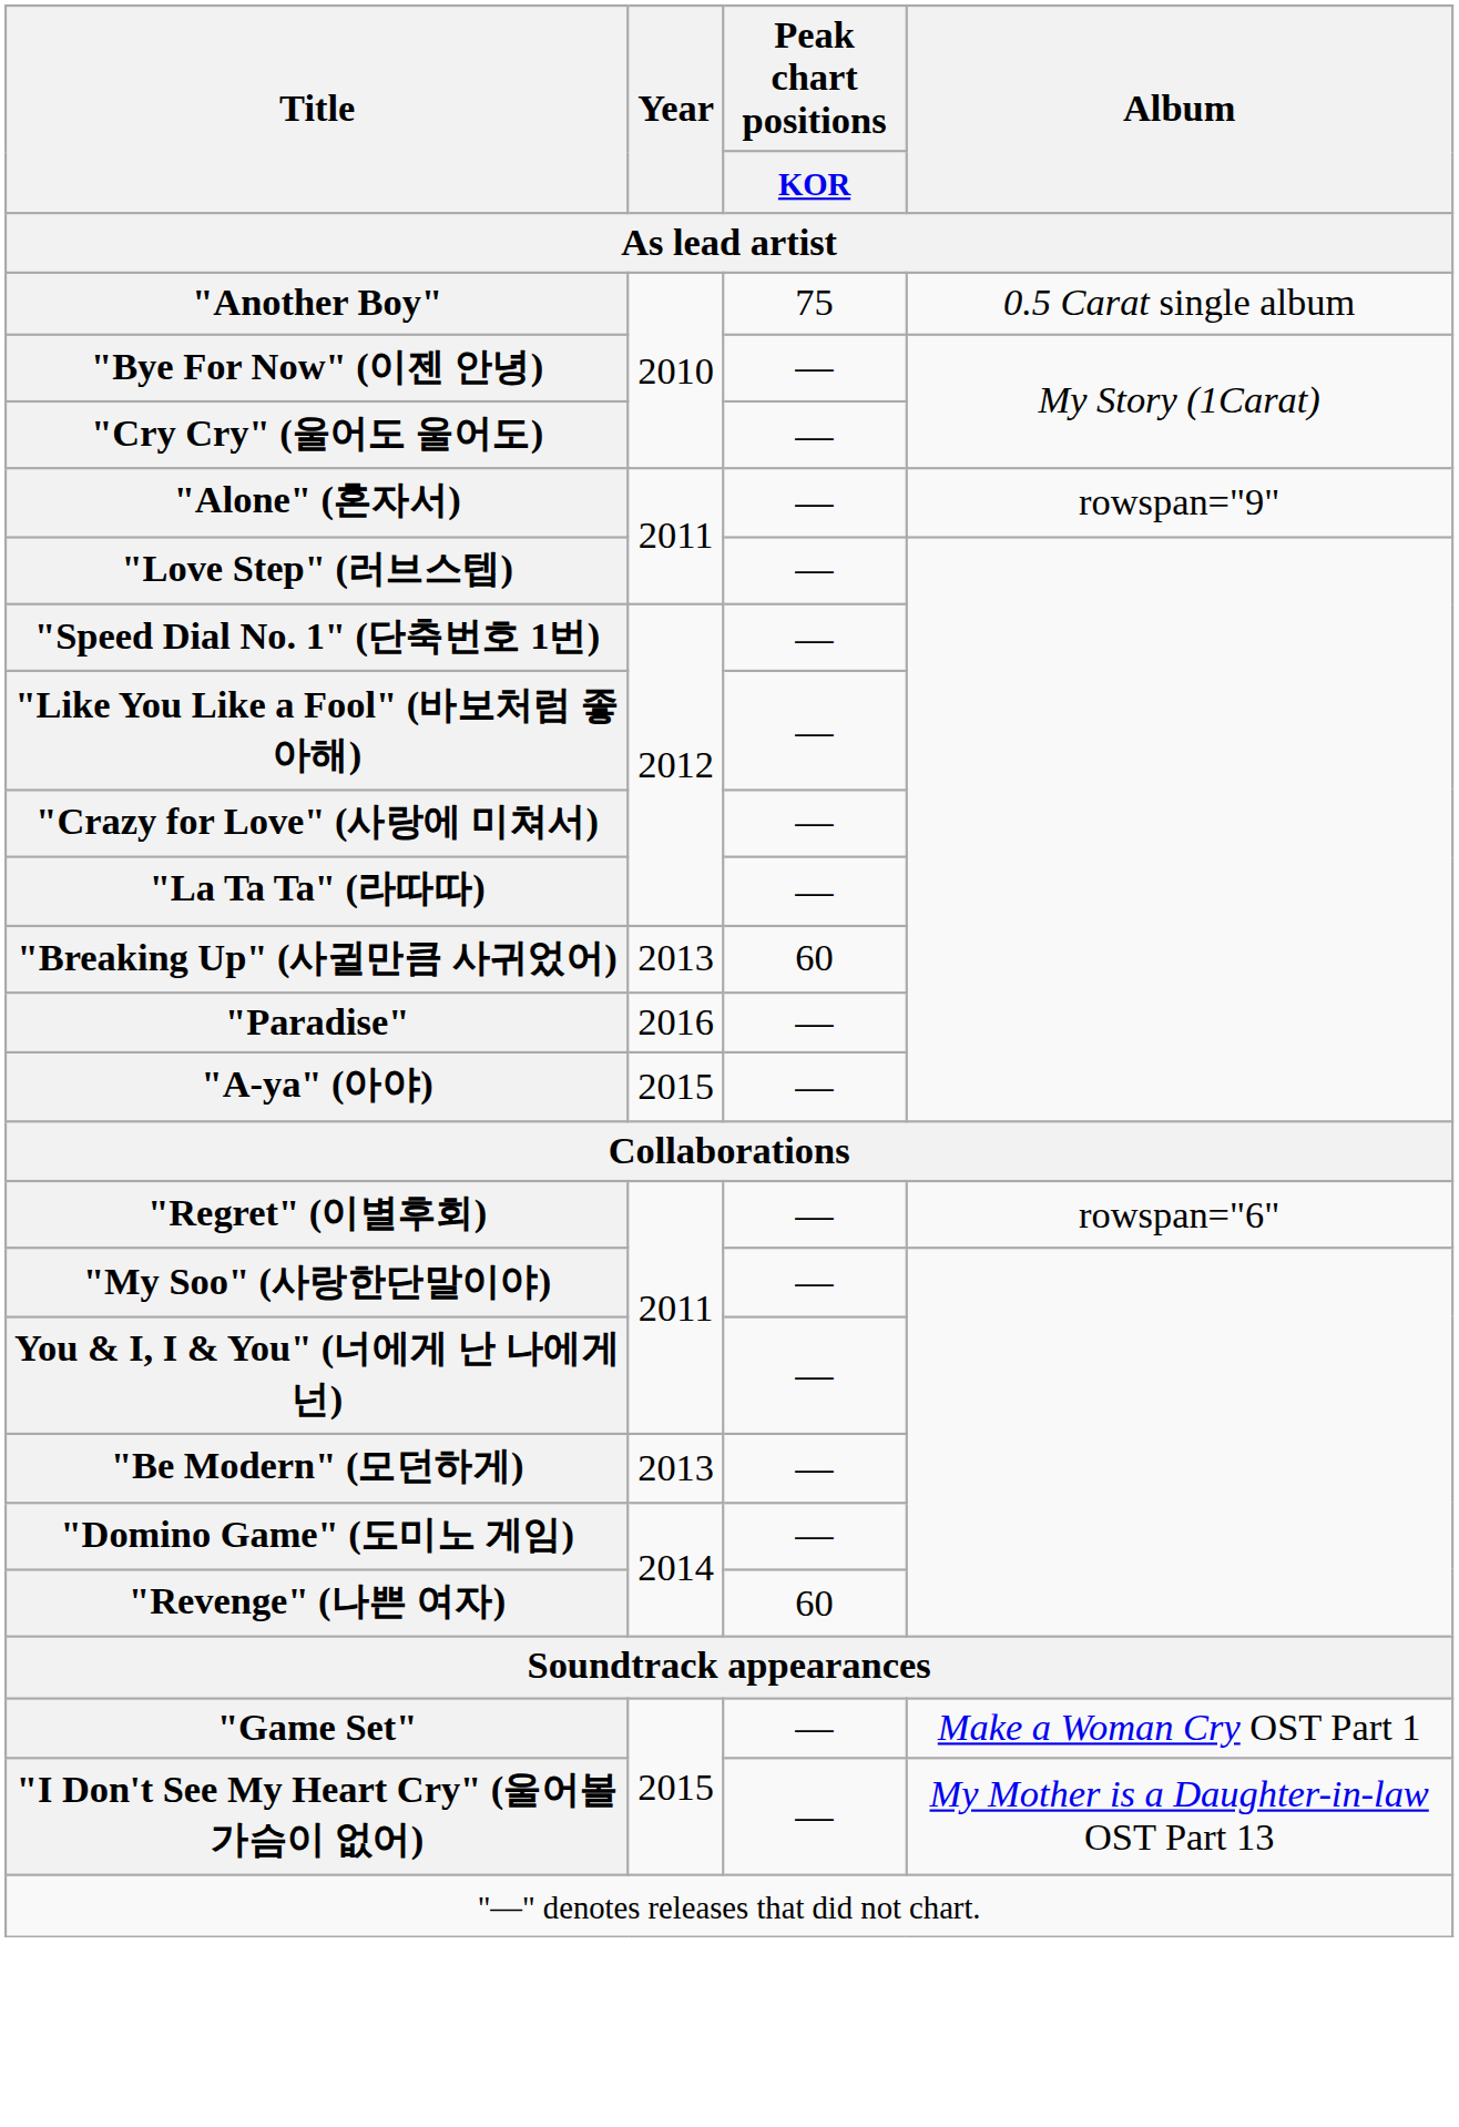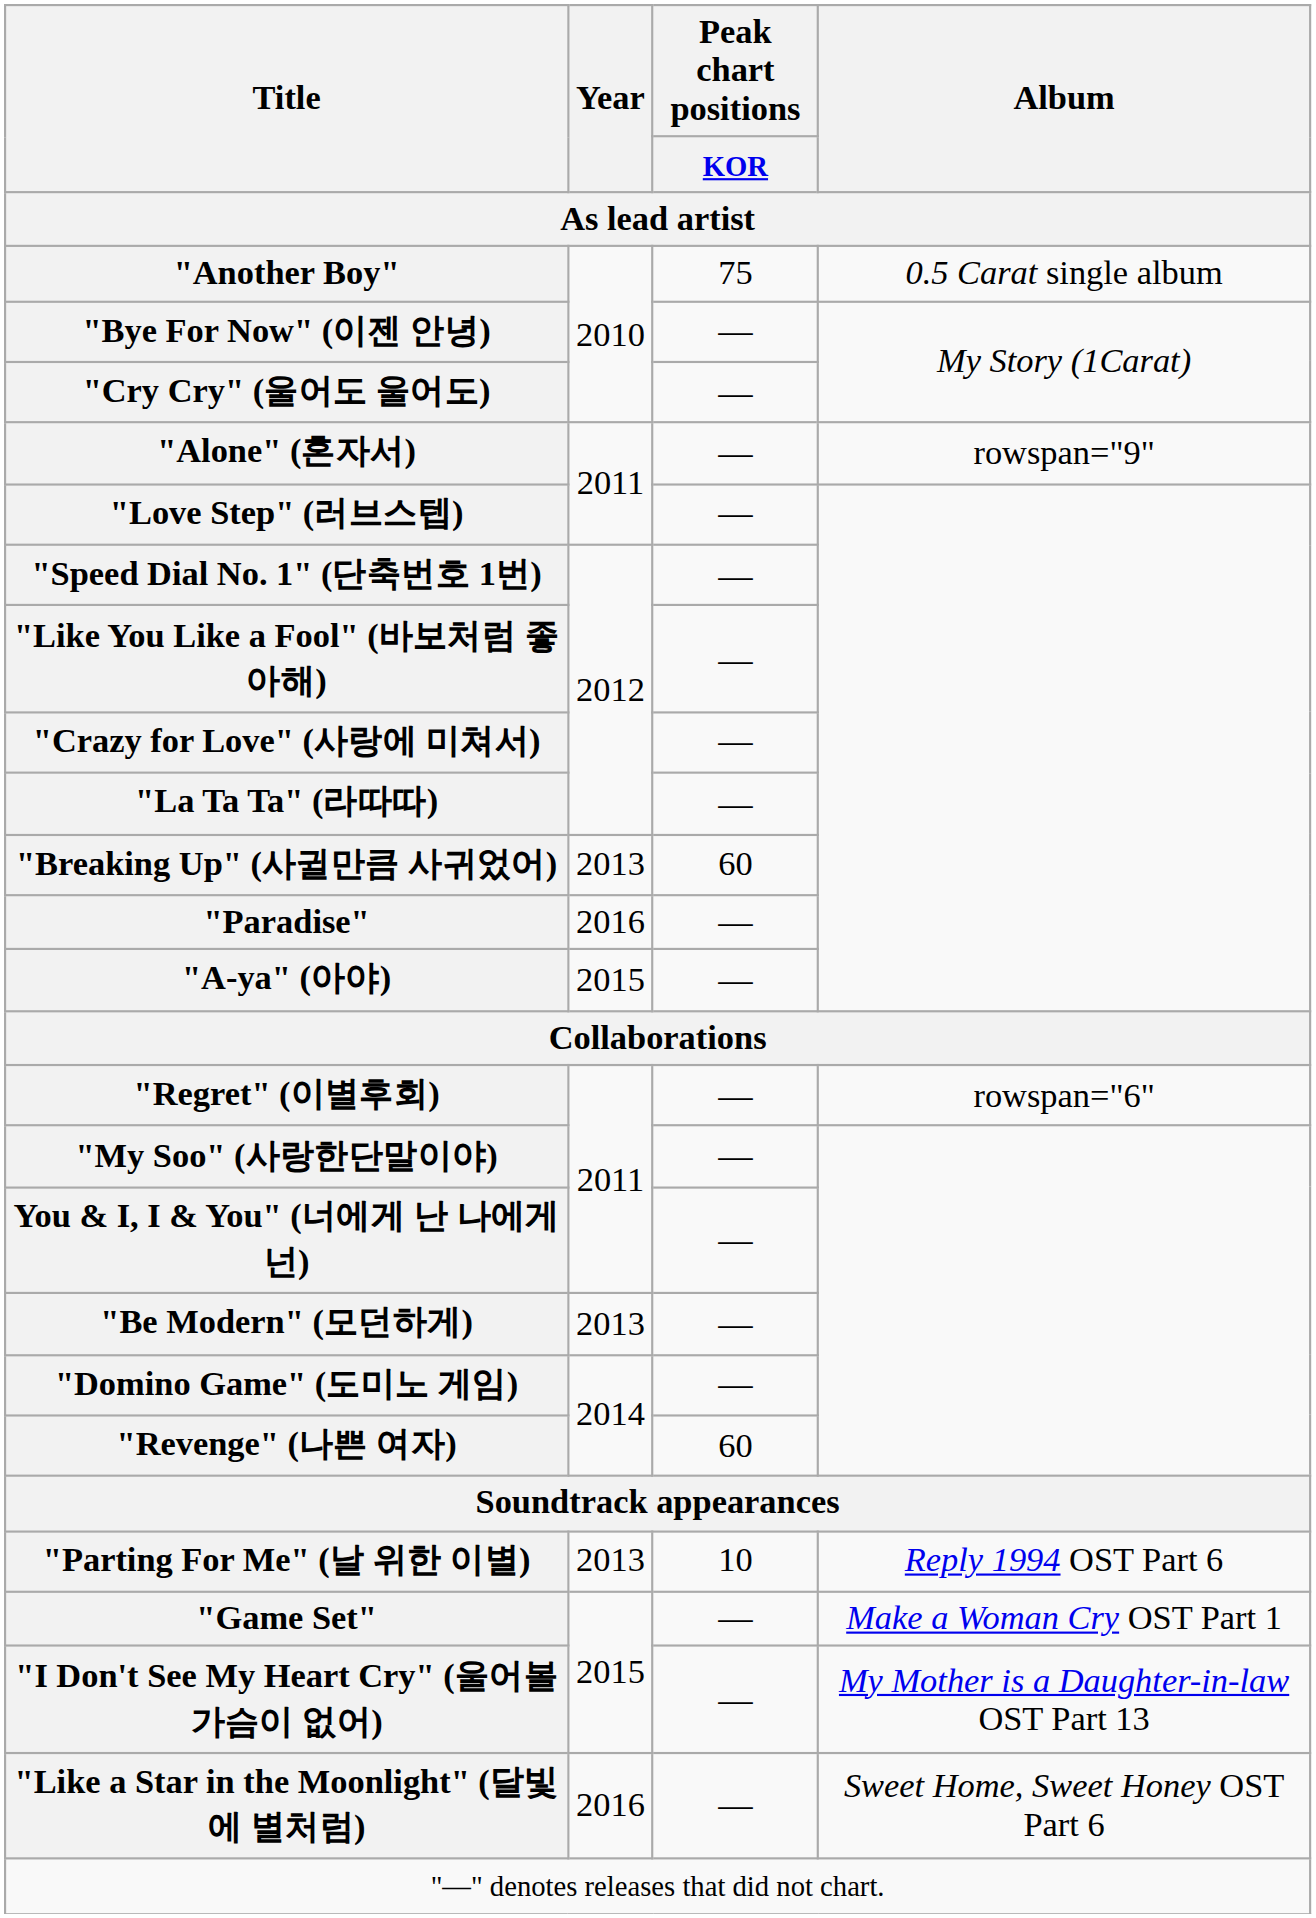 <table class="wikitable plainrowheaders" style="text-align:center;">
 <tr>
 <th scope="col" rowspan="2">Title</th>
 <th scope="col" rowspan="2">Year</th>
 <th scope="col" colspan="1">Peak chart <br> positions</th>
 <th scope="col" rowspan="2">Album</th>
 </tr>
 <tr>
 <th><small><a href='#'>KOR</a></small><br></th>
 </tr>
 <tr>
 <th colspan="4" scope="col">As lead artist</th>
 </tr>
 <tr>
 <th scope="row">"Another Boy"</th>
 <td rowspan="3">2010</td>
 <td>75</td>
 <td><em>0.5 Carat</em> single album</td>
 </tr>
 <tr>
 <th scope="row">"Bye For Now" (이젠 안녕)</th>
 <td>—</td>
 <td rowspan="2"><em>My Story (1Carat)</em></td>
 </tr>
 <tr>
 <th scope="row">"Cry Cry" (울어도 울어도)</th>
 <td>—</td>
 </tr>
 <tr>
 <th scope="row">"Alone" (혼자서)</th>
 <td rowspan="2">2011</td>
 <td>—</td>
 <td>rowspan="9" </td>
 </tr>
 <tr>
 <th scope="row">"Love Step" (러브스텝)</th>
 <td>—</td>
 </tr>
 <tr>
 <th scope="row">"Speed Dial No. 1" (단축번호 1번)</th>
 <td rowspan="4">2012</td>
 <td>—</td>
 </tr>
 <tr>
 <th scope="row">"Like You Like a Fool" (바보처럼 좋아해)</th>
 <td>—</td>
 </tr>
 <tr>
 <th scope="row">"Crazy for Love" (사랑에 미쳐서)</th>
 <td>—</td>
 </tr>
 <tr>
 <th scope="row">"La Ta Ta" (라따따)</th>
 <td>—</td>
 </tr>
 <tr>
 <th scope="row">"Breaking Up" (사귈만큼 사귀었어)</th>
 <td>2013</td>
 <td>60</td>
 </tr>
 <tr>
 <th scope="row">"Paradise"</th>
 <td>2016</td>
 <td>—</td>
 </tr>
 <tr>
 <th scope="row">"A-ya" (아야)</th>
 <td>2015</td>
 <td>—</td>
 </tr>
 <tr>
 <th colspan="4" scope="col">Collaborations</th>
 </tr>
 <tr>
 <th scope="row">"Regret" (이별후회)<br></th>
 <td rowspan="3">2011</td>
 <td>—</td>
 <td>rowspan="6" </td>
 </tr>
 <tr>
 <th scope="row">"My Soo" (사랑한단말이야)<br></th>
 <td>—</td>
 </tr>
 <tr>
 <th scope="row">You & I, I & You" (너에게 난 나에게 넌)<br></th>
 <td>—</td>
 </tr>
 <tr>
 <th scope="row">"Be Modern" (모던하게)<br></th>
 <td>2013</td>
 <td>—</td>
 </tr>
 <tr>
 <th scope="row">"Domino Game" (도미노 게임)<br></th>
 <td rowspan="2">2014</td>
 <td>—</td>
 </tr>
 <tr>
 <th scope="row">"Revenge" (나쁜 여자)<br></th>
 <td>60</td>
 </tr>
 <tr>
 <th colspan="4" scope="col">Soundtrack appearances</th>
 </tr>
 <tr>
+<th scope="row">"Parting For Me" (날 위한 이별)</th>
+<td>2013</td>
+<td>10</td>
+<td><em><a href='#'>Reply 1994</a></em> OST Part 6</td>
+</tr>
+<tr>
 <th scope="row">"Game Set"<br></th>
 <td rowspan="2">2015</td>
 <td>—</td>
 <td><em><a href='#'>Make a Woman Cry</a></em> OST Part 1</td>
 </tr>
 <tr>
 <th scope="row">"I Don't See My Heart Cry" (울어볼 가슴이 없어)</th>
 <td>—</td>
 <td><em><a href='#'>My Mother is a Daughter-in-law</a></em> OST Part 13</td>
 </tr>
 <tr>
+<th scope="row">"Like  a Star in the Moonlight" (달빛에 별처럼)</th>
+<td>2016</td>
+<td>—</td>
+<td><em>Sweet Home, Sweet Honey</em> OST Part 6</td>
+</tr>
+<tr>
 <td colspan="4" align="center"><small>"—" denotes releases that did not chart.</small></td>
 </tr>
 </table>
